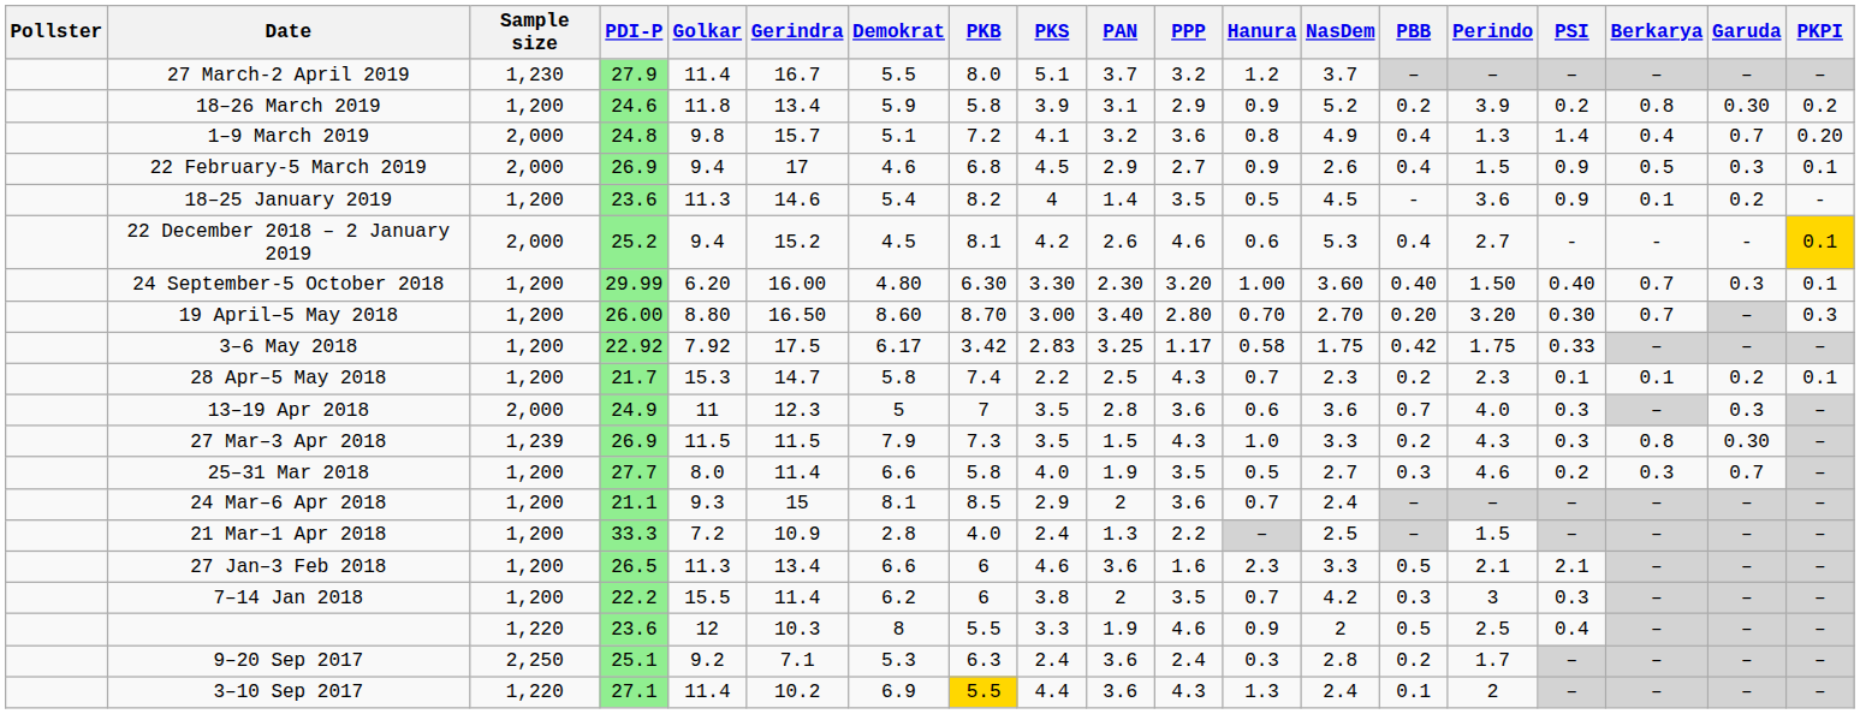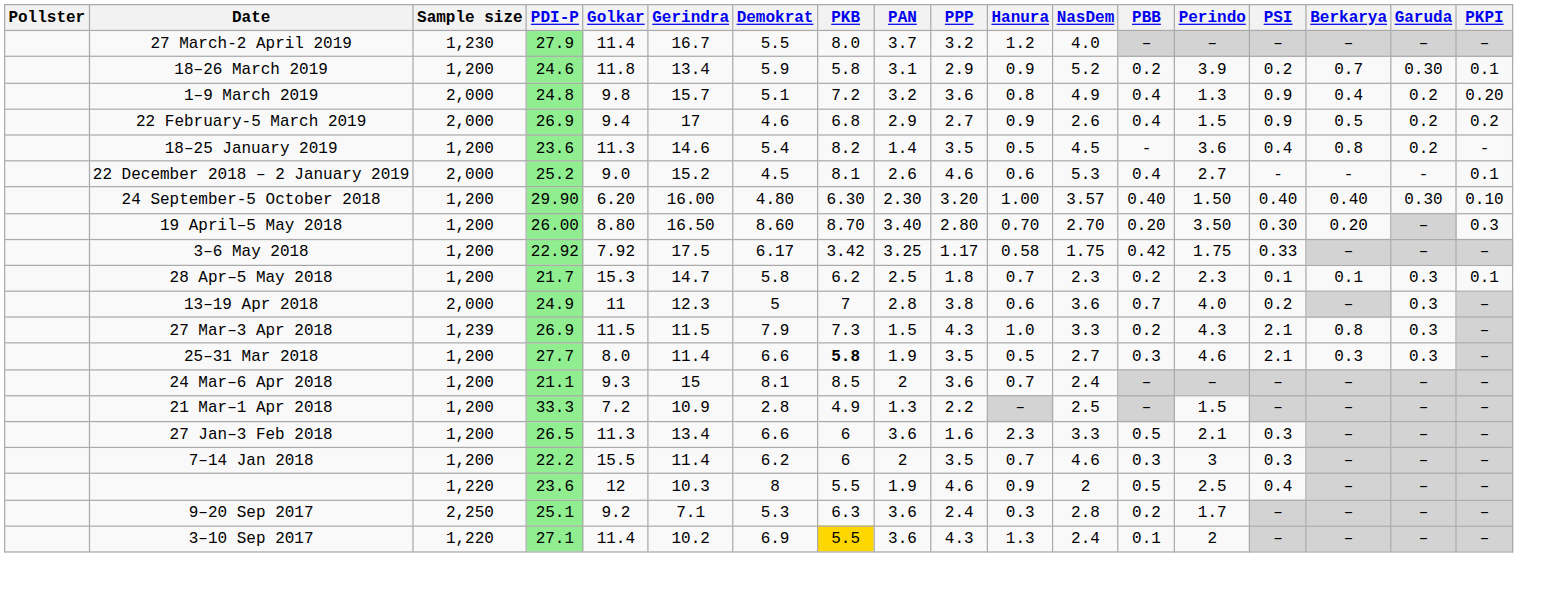 <table class="wikitable" style="text-align: center">
 <tr>
 <th>Pollster</th>
 <th>Date</th>
 <th>Sample size</th>
 <th style="width: 40px;"><a href='#'>PDI-P</a></th>
 <th style="width: 40px;"><a href='#'>Golkar</a></th>
 <th style="width: 40px;"><a href='#'>Gerindra</a></th>
 <th style="width: 40px;"><a href='#'>Demokrat</a></th>
 <th style="width: 40px;"><a href='#'>PKB</a></th>
-<th style="width: 40px;"><a href='#'>PKS</a></th>
 <th style="width: 40px;"><a href='#'>PAN</a></th>
 <th style="width: 40px;"><a href='#'>PPP</a></th>
 <th style="width: 40px;"><a href='#'>Hanura</a></th>
 <th style="width: 40px;"><a href='#'>NasDem</a></th>
 <th style="width: 40px;"><a href='#'>PBB</a></th>
 <th style="width: 40px;"><a href='#'>Perindo</a></th>
 <th style="width: 40px;"><a href='#'>PSI</a></th>
 <th style="width: 40px;"><a href='#'>Berkarya</a></th>
 <th style="width: 40px;"><a href='#'>Garuda</a></th>
 <th style="width: 40px;"><a href='#'>PKPI</a></th>
 </tr>
 <tr>
 <td align="left"></td>
 <td>27 March-2 April 2019</td>
 <td>1,230</td>
 <td bgcolor="#90EE90">27.9</td>
 <td>11.4</td>
 <td>16.7</td>
 <td>5.5</td>
 <td>8.0</td>
-<td>5.1</td>
 <td>3.7</td>
 <td>3.2</td>
 <td>1.2</td>
-<td>3.7</td>
+<td>4.0</td>
 <td bgcolor="#D3D3D3">–</td>
 <td bgcolor="#D3D3D3">–</td>
 <td bgcolor="#D3D3D3">–</td>
 <td bgcolor="#D3D3D3">–</td>
 <td bgcolor="#D3D3D3">–</td>
 <td bgcolor="#D3D3D3">–</td>
 </tr>
 <tr>
 <td align="left"></td>
 <td>18–26 March 2019</td>
 <td>1,200</td>
 <td bgcolor="#90EE90">24.6</td>
 <td>11.8</td>
 <td>13.4</td>
 <td>5.9</td>
 <td>5.8</td>
-<td>3.9</td>
 <td>3.1</td>
 <td>2.9</td>
 <td>0.9</td>
 <td>5.2</td>
 <td>0.2</td>
 <td>3.9</td>
 <td>0.2</td>
-<td>0.8</td>
+<td>0.7</td>
 <td>0.30</td>
-<td>0.2</td>
+<td>0.1</td>
 </tr>
 <tr>
 <td align="left"></td>
 <td>1–9 March 2019</td>
 <td>2,000</td>
 <td bgcolor="#90EE90">24.8</td>
 <td>9.8</td>
 <td>15.7</td>
 <td>5.1</td>
 <td>7.2</td>
-<td>4.1</td>
 <td>3.2</td>
 <td>3.6</td>
 <td>0.8</td>
 <td>4.9</td>
 <td>0.4</td>
 <td>1.3</td>
-<td>1.4</td>
+<td>0.9</td>
 <td>0.4</td>
-<td>0.7</td>
+<td>0.2</td>
 <td>0.20</td>
 </tr>
 <tr>
 <td align="left"></td>
 <td>22 February-5 March 2019</td>
 <td>2,000</td>
 <td bgcolor="#90EE90">26.9</td>
 <td>9.4</td>
 <td>17</td>
 <td>4.6</td>
 <td>6.8</td>
-<td>4.5</td>
 <td>2.9</td>
 <td>2.7</td>
 <td>0.9</td>
 <td>2.6</td>
 <td>0.4</td>
 <td>1.5</td>
 <td>0.9</td>
 <td>0.5</td>
-<td>0.3</td>
-<td>0.1</td>
+<td>0.2</td>
+<td>0.2</td>
 </tr>
 <tr>
 <td align="left"></td>
 <td>18–25 January 2019</td>
 <td>1,200</td>
 <td bgcolor="#90EE90">23.6</td>
 <td>11.3</td>
 <td>14.6</td>
 <td>5.4</td>
 <td>8.2</td>
-<td>4</td>
 <td>1.4</td>
 <td>3.5</td>
 <td>0.5</td>
 <td>4.5</td>
 <td>-</td>
 <td>3.6</td>
-<td>0.9</td>
-<td>0.1</td>
+<td>0.4</td>
+<td>0.8</td>
 <td>0.2</td>
 <td>-</td>
 </tr>
 <tr>
 <td align="left"></td>
 <td>22 December 2018 – 2 January 2019</td>
 <td>2,000</td>
 <td bgcolor="#90EE90">25.2</td>
-<td>9.4</td>
+<td>9.0</td>
 <td>15.2</td>
 <td>4.5</td>
 <td>8.1</td>
-<td>4.2</td>
 <td>2.6</td>
 <td>4.6</td>
 <td>0.6</td>
 <td>5.3</td>
 <td>0.4</td>
 <td>2.7</td>
 <td>-</td>
 <td>-</td>
 <td>-</td>
-<td style="background: gold;">0.1</td>
+<td>0.1</td>
 </tr>
 <tr>
 <td align="left"></td>
 <td>24 September-5 October 2018</td>
 <td>1,200</td>
-<td bgcolor="#90EE90">29.99</td>
+<td bgcolor="#90EE90">29.90</td>
 <td>6.20</td>
 <td>16.00</td>
 <td>4.80</td>
 <td>6.30</td>
-<td>3.30</td>
 <td>2.30</td>
 <td>3.20</td>
 <td>1.00</td>
-<td>3.60</td>
+<td>3.57</td>
 <td>0.40</td>
 <td>1.50</td>
 <td>0.40</td>
-<td>0.7</td>
-<td>0.3</td>
-<td>0.1</td>
+<td>0.40</td>
+<td>0.30</td>
+<td>0.10</td>
 </tr>
 <tr>
 <td align="left"></td>
 <td>19 April–5 May 2018</td>
 <td>1,200</td>
 <td bgcolor="#90EE90">26.00</td>
 <td>8.80</td>
 <td>16.50</td>
 <td>8.60</td>
 <td>8.70</td>
-<td>3.00</td>
 <td>3.40</td>
 <td>2.80</td>
 <td>0.70</td>
 <td>2.70</td>
 <td>0.20</td>
-<td>3.20</td>
+<td>3.50</td>
 <td>0.30</td>
-<td>0.7</td>
+<td>0.20</td>
 <td bgcolor="#D3D3D3">–</td>
 <td>0.3</td>
 </tr>
 <tr>
 <td align="left"></td>
 <td>3–6 May 2018</td>
 <td>1,200</td>
 <td bgcolor="#90EE90">22.92</td>
 <td>7.92</td>
 <td>17.5</td>
 <td>6.17</td>
 <td>3.42</td>
-<td>2.83</td>
 <td>3.25</td>
 <td>1.17</td>
 <td>0.58</td>
 <td>1.75</td>
 <td>0.42</td>
 <td>1.75</td>
 <td>0.33</td>
 <td bgcolor="#D3D3D3">–</td>
 <td bgcolor="#D3D3D3">–</td>
 <td bgcolor="#D3D3D3">–</td>
 </tr>
 <tr>
 <td align="left"></td>
 <td>28 Apr–5 May 2018</td>
 <td>1,200</td>
 <td bgcolor="#90EE90">21.7</td>
 <td>15.3</td>
 <td>14.7</td>
 <td>5.8</td>
-<td>7.4</td>
-<td>2.2</td>
+<td>6.2</td>
 <td>2.5</td>
-<td>4.3</td>
+<td>1.8</td>
 <td>0.7</td>
 <td>2.3</td>
 <td>0.2</td>
 <td>2.3</td>
 <td>0.1</td>
 <td>0.1</td>
-<td>0.2</td>
+<td>0.3</td>
 <td>0.1</td>
 </tr>
 <tr>
 <td align="left"></td>
 <td>13–19 Apr 2018</td>
 <td>2,000</td>
 <td bgcolor="#90EE90">24.9</td>
 <td>11</td>
 <td>12.3</td>
 <td>5</td>
 <td>7</td>
-<td>3.5</td>
 <td>2.8</td>
-<td>3.6</td>
+<td>3.8</td>
 <td>0.6</td>
 <td>3.6</td>
 <td>0.7</td>
 <td>4.0</td>
-<td>0.3</td>
+<td>0.2</td>
 <td bgcolor="#D3D3D3">–</td>
 <td>0.3</td>
 <td bgcolor="#D3D3D3">–</td>
 </tr>
 <tr>
 <td align="left"></td>
 <td>27 Mar–3 Apr 2018</td>
 <td>1,239</td>
 <td bgcolor="#90EE90">26.9</td>
 <td>11.5</td>
 <td>11.5</td>
 <td>7.9</td>
 <td>7.3</td>
-<td>3.5</td>
 <td>1.5</td>
 <td>4.3</td>
 <td>1.0</td>
 <td>3.3</td>
 <td>0.2</td>
 <td>4.3</td>
+<td>2.1</td>
+<td>0.8</td>
 <td>0.3</td>
-<td>0.8</td>
-<td>0.30</td>
 <td bgcolor="#D3D3D3">–</td>
 </tr>
 <tr>
 <td align="left"></td>
 <td>25–31 Mar 2018</td>
 <td>1,200</td>
 <td bgcolor="#90EE90">27.7</td>
 <td>8.0</td>
 <td>11.4</td>
 <td>6.6</td>
-<td>5.8</td>
-<td>4.0</td>
+<td><strong>5.8</strong></td>
 <td>1.9</td>
 <td>3.5</td>
 <td>0.5</td>
 <td>2.7</td>
 <td>0.3</td>
 <td>4.6</td>
-<td>0.2</td>
+<td>2.1</td>
 <td>0.3</td>
-<td>0.7</td>
+<td>0.3</td>
 <td bgcolor="#D3D3D3">–</td>
 </tr>
 <tr>
 <td align="left"></td>
 <td>24 Mar–6 Apr 2018</td>
 <td>1,200</td>
 <td bgcolor="#90EE90">21.1</td>
 <td>9.3</td>
 <td>15</td>
 <td>8.1</td>
 <td>8.5</td>
-<td>2.9</td>
 <td>2</td>
 <td>3.6</td>
 <td>0.7</td>
 <td>2.4</td>
 <td bgcolor="#D3D3D3">–</td>
 <td bgcolor="#D3D3D3">–</td>
 <td bgcolor="#D3D3D3">–</td>
 <td bgcolor="#D3D3D3">–</td>
 <td bgcolor="#D3D3D3">–</td>
 <td bgcolor="#D3D3D3">–</td>
 </tr>
 <tr>
 <td align="left"></td>
 <td>21 Mar–1 Apr 2018</td>
 <td>1,200</td>
 <td bgcolor="#90EE90">33.3</td>
 <td>7.2</td>
 <td>10.9</td>
 <td>2.8</td>
-<td>4.0</td>
-<td>2.4</td>
+<td>4.9</td>
 <td>1.3</td>
 <td>2.2</td>
 <td bgcolor="#D3D3D3">–</td>
 <td>2.5</td>
 <td bgcolor="#D3D3D3">–</td>
 <td>1.5</td>
 <td bgcolor="#D3D3D3">–</td>
 <td bgcolor="#D3D3D3">–</td>
 <td bgcolor="#D3D3D3">–</td>
 <td bgcolor="#D3D3D3">–</td>
 </tr>
 <tr>
 <td align="left"></td>
 <td>27 Jan–3 Feb 2018</td>
 <td>1,200</td>
 <td bgcolor="#90EE90">26.5</td>
 <td>11.3</td>
 <td>13.4</td>
 <td>6.6</td>
 <td>6</td>
-<td>4.6</td>
 <td>3.6</td>
 <td>1.6</td>
 <td>2.3</td>
 <td>3.3</td>
 <td>0.5</td>
 <td>2.1</td>
-<td>2.1</td>
+<td>0.3</td>
 <td bgcolor="#D3D3D3">–</td>
 <td bgcolor="#D3D3D3">–</td>
 <td bgcolor="#D3D3D3">–</td>
 </tr>
 <tr>
 <td align="left"></td>
 <td>7–14 Jan 2018</td>
 <td>1,200</td>
 <td bgcolor="#90EE90">22.2</td>
 <td>15.5</td>
 <td>11.4</td>
 <td>6.2</td>
 <td>6</td>
-<td>3.8</td>
 <td>2</td>
 <td>3.5</td>
 <td>0.7</td>
-<td>4.2</td>
+<td>4.6</td>
 <td>0.3</td>
 <td>3</td>
 <td>0.3</td>
 <td bgcolor="#D3D3D3">–</td>
 <td bgcolor="#D3D3D3">–</td>
 <td bgcolor="#D3D3D3">–</td>
 </tr>
 <tr>
 <td align="left"></td>
 <td></td>
 <td>1,220</td>
 <td bgcolor="#90EE90">23.6</td>
 <td>12</td>
 <td>10.3</td>
 <td>8</td>
 <td>5.5</td>
-<td>3.3</td>
 <td>1.9</td>
 <td>4.6</td>
 <td>0.9</td>
 <td>2</td>
 <td>0.5</td>
 <td>2.5</td>
 <td>0.4</td>
 <td bgcolor="#D3D3D3">–</td>
 <td bgcolor="#D3D3D3">–</td>
 <td bgcolor="#D3D3D3">–</td>
 </tr>
 <tr>
 <td align="left"></td>
 <td>9–20 Sep 2017</td>
 <td>2,250</td>
 <td bgcolor="#90EE90">25.1</td>
 <td>9.2</td>
 <td>7.1</td>
 <td>5.3</td>
 <td>6.3</td>
-<td>2.4</td>
 <td>3.6</td>
 <td>2.4</td>
 <td>0.3</td>
 <td>2.8</td>
 <td>0.2</td>
 <td>1.7</td>
 <td bgcolor="#D3D3D3">–</td>
 <td bgcolor="#D3D3D3">–</td>
 <td bgcolor="#D3D3D3">–</td>
 <td bgcolor="#D3D3D3">–</td>
 </tr>
 <tr>
 <td align="left"></td>
 <td>3–10 Sep 2017</td>
 <td>1,220</td>
 <td bgcolor="#90EE90">27.1</td>
 <td>11.4</td>
 <td>10.2</td>
 <td>6.9</td>
 <td style="background: gold;">5.5</td>
-<td>4.4</td>
 <td>3.6</td>
 <td>4.3</td>
 <td>1.3</td>
 <td>2.4</td>
 <td>0.1</td>
 <td>2</td>
 <td bgcolor="#D3D3D3">–</td>
 <td bgcolor="#D3D3D3">–</td>
 <td bgcolor="#D3D3D3">–</td>
 <td bgcolor="#D3D3D3">–</td>
 </tr>
 </table>
